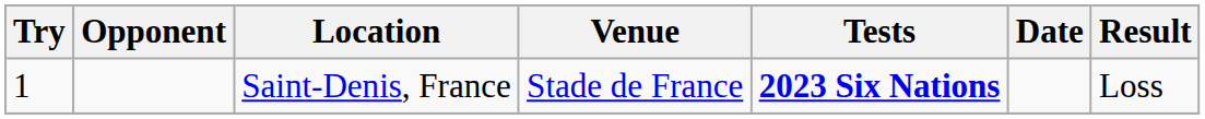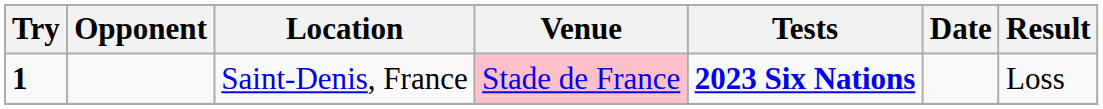 <table class="wikitable sortable">
 <tr>
 <th>Try</th>
 <th>Opponent</th>
 <th>Location</th>
 <th>Venue</th>
 <th>Tests</th>
 <th>Date</th>
 <th>Result</th>
 </tr>
 <tr>
-<td>1</td>
+<td><strong>1</strong></td>
 <td></td>
 <td><a href='#'>Saint-Denis</a>, France</td>
-<td><a href='#'>Stade de France</a></td>
+<td style="background: pink;"><a href='#'>Stade de France</a></td>
 <td><strong><a href='#'>2023 Six Nations</a></strong></td>
 <td></td>
 <td>Loss</td>
 </tr>
 <tr>
 </tr>
 </table>
